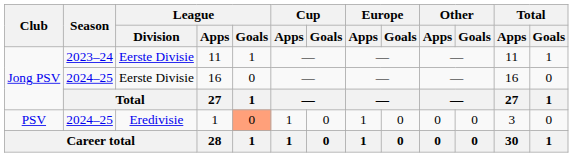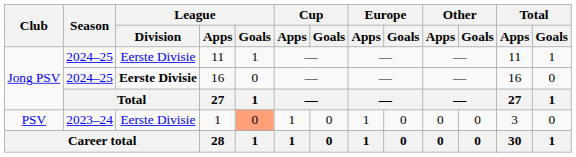 <table class="wikitable" style="text-align:center">
 <tr>
 <th rowspan="2">Club</th>
 <th rowspan="2">Season</th>
 <th colspan="3">League</th>
 <th colspan="2">Cup</th>
 <th colspan="2">Europe</th>
 <th colspan="2">Other</th>
 <th colspan="2">Total</th>
 </tr>
 <tr>
 <th>Division</th>
 <th>Apps</th>
 <th>Goals</th>
 <th>Apps</th>
 <th>Goals</th>
 <th>Apps</th>
 <th>Goals</th>
 <th>Apps</th>
 <th>Goals</th>
 <th>Apps</th>
 <th>Goals</th>
 </tr>
 <tr>
 <td rowspan="3"><a href='#'>Jong PSV</a></td>
-<td><a href='#'>2023–24</a></td>
+<td><a href='#'>2024–25</a></td>
 <td><a href='#'>Eerste Divisie</a></td>
 <td>11</td>
 <td>1</td>
 <td colspan="2">—</td>
 <td colspan="2">—</td>
 <td colspan="2">—</td>
 <td>11</td>
 <td>1</td>
 </tr>
 <tr>
 <td><a href='#'>2024–25</a></td>
-<td>Eerste Divisie</td>
+<td><strong>Eerste Divisie</strong></td>
 <td>16</td>
 <td>0</td>
 <td colspan="2">—</td>
 <td colspan="2">—</td>
 <td colspan="2">—</td>
 <td>16</td>
 <td>0</td>
 </tr>
 <tr>
 <th colspan="2">Total</th>
 <th>27</th>
 <th>1</th>
 <th colspan="2">—</th>
 <th colspan="2">—</th>
 <th colspan="2">—</th>
 <th>27</th>
 <th>1</th>
 </tr>
 <tr>
 <td><a href='#'>PSV</a></td>
-<td><a href='#'>2024–25</a></td>
-<td><a href='#'>Eredivisie</a></td>
+<td><a href='#'>2023–24</a></td>
+<td><a href='#'>Eerste Divisie</a></td>
 <td>1</td>
 <td style="background: lightsalmon;">0</td>
 <td>1</td>
 <td>0</td>
 <td>1</td>
 <td>0</td>
 <td>0</td>
 <td>0</td>
 <td>3</td>
 <td>0</td>
 </tr>
 <tr>
 <th colspan="3">Career total</th>
 <th>28</th>
 <th>1</th>
 <th>1</th>
 <th>0</th>
 <th>1</th>
 <th>0</th>
 <th>0</th>
 <th>0</th>
 <th>30</th>
 <th>1</th>
 </tr>
 </table>
